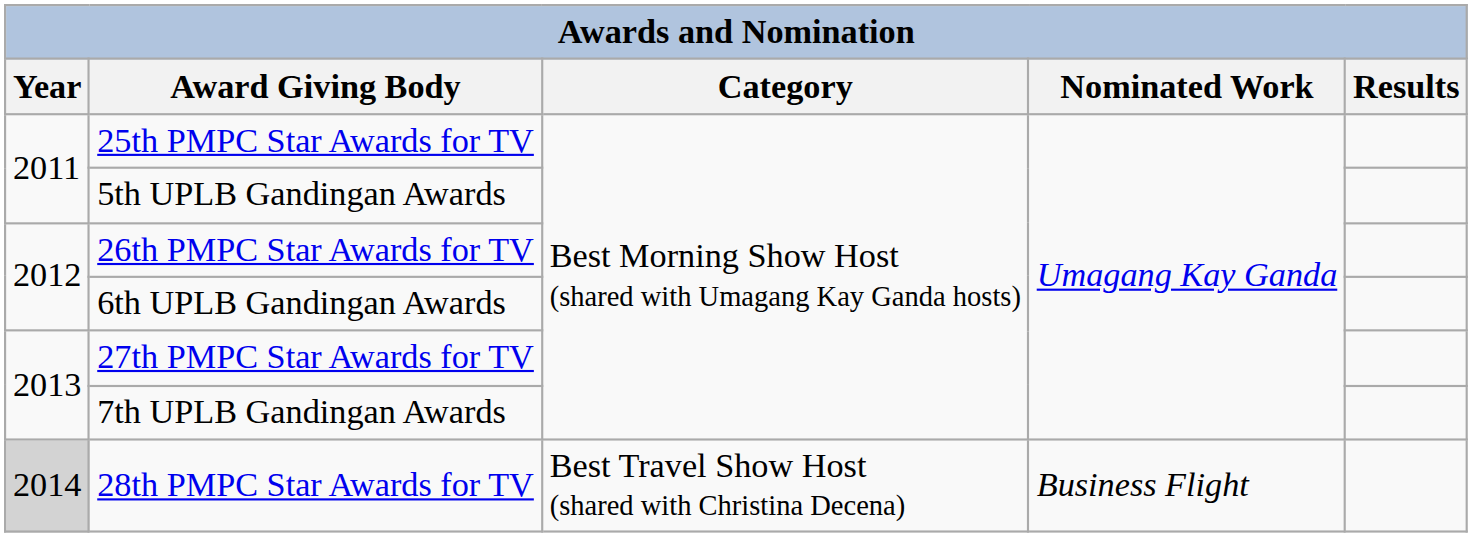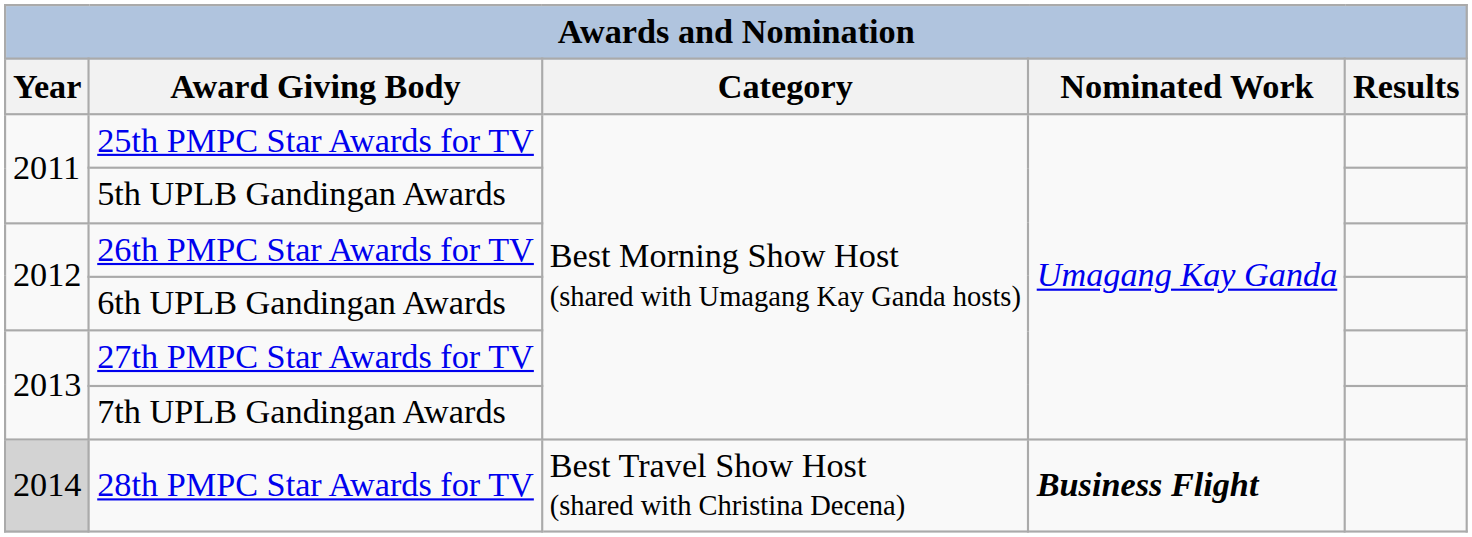 <table class="wikitable">
 <tr>
 <th colspan="5" style="background:LightSteelBlue;">Awards and Nomination</th>
 </tr>
 <tr>
 <th>Year</th>
 <th>Award Giving Body</th>
 <th>Category</th>
 <th>Nominated Work</th>
 <th>Results</th>
 </tr>
 <tr>
 <td rowspan=2>2011</td>
 <td><a href='#'>25th PMPC Star Awards for TV</a></td>
 <td rowspan=6>Best Morning Show Host <br><small>(shared with Umagang Kay Ganda hosts)</small></td>
 <td rowspan=6><em><a href='#'>Umagang Kay Ganda</a></em></td>
 <td></td>
 </tr>
 <tr>
 <td>5th UPLB Gandingan Awards</td>
 <td></td>
 </tr>
 <tr>
 <td rowspan=2>2012</td>
 <td><a href='#'>26th PMPC Star Awards for TV</a></td>
 <td></td>
 </tr>
 <tr>
 <td>6th UPLB Gandingan Awards</td>
 <td></td>
 </tr>
 <tr>
 <td rowspan=2>2013</td>
 <td><a href='#'>27th PMPC Star Awards for TV</a></td>
 <td></td>
 </tr>
 <tr>
 <td>7th UPLB Gandingan Awards</td>
 <td></td>
 </tr>
 <tr>
 <td style="background: lightgrey;">2014</td>
 <td><a href='#'>28th PMPC Star Awards for TV</a></td>
 <td>Best Travel Show Host <br><small>(shared with Christina Decena)</small></td>
-<td><em>Business Flight</em></td>
+<td><strong><em>Business Flight</em></strong></td>
 <td></td>
 </tr>
 </table>
